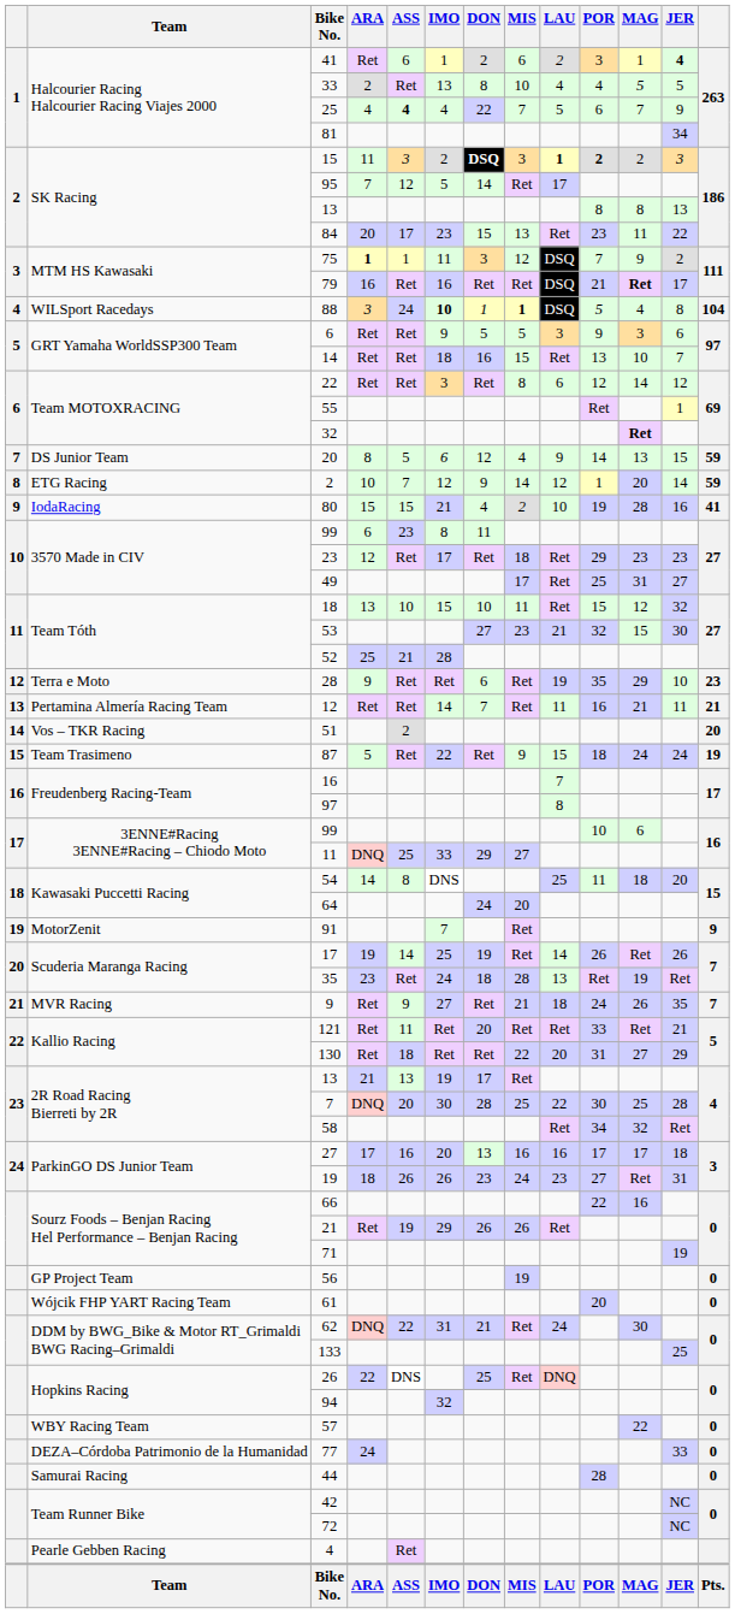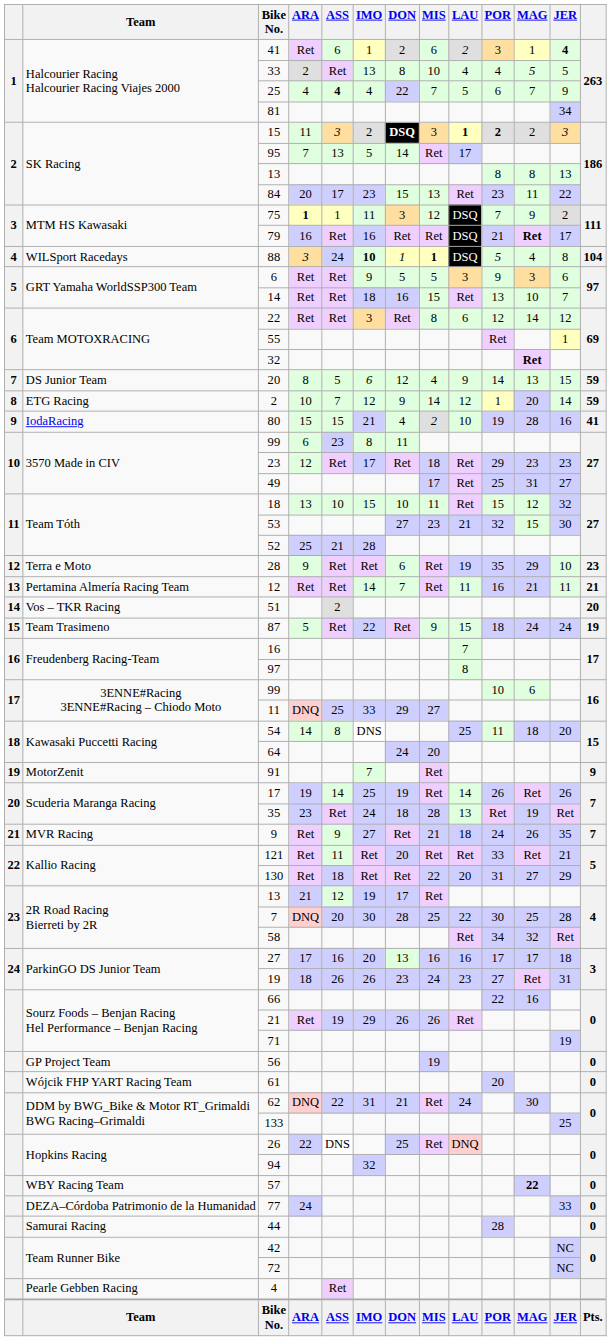 <table class="wikitable" style="font-size: 85%; text-align: center">
 <tr valign="top">
 <th valign="middle"></th>
 <th valign="middle">Team</th>
 <th valign="middle">Bike<br>No.</th>
 <th><a href='#'>ARA</a><br></th>
 <th><a href='#'>ASS</a><br></th>
 <th><a href='#'>IMO</a><br></th>
 <th><a href='#'>DON</a><br></th>
 <th><a href='#'>MIS</a><br></th>
 <th><a href='#'>LAU</a><br></th>
 <th><a href='#'>POR</a><br></th>
 <th><a href='#'>MAG</a><br></th>
 <th><a href='#'>JER</a><br></th>
 <th valign="middle"></th>
 </tr>
 <tr>
 <th rowspan="4">1</th>
 <td rowspan="4" align="left"> Halcourier Racing <br>  Halcourier Racing Viajes 2000</td>
 <td>41</td>
 <td style="background:#efcfff;">Ret</td>
 <td style="background:#dfffdf;">6</td>
 <td style="background:#ffffbf;">1</td>
 <td style="background:#dfdfdf;">2</td>
 <td style="background:#dfffdf;">6</td>
 <td style="background:#dfdfdf;"><em>2</em></td>
 <td style="background:#ffdf9f;">3</td>
 <td style="background:#ffffbf;">1</td>
 <td style="background:#dfffdf;"><strong>4</strong></td>
 <th rowspan="4">263</th>
 </tr>
 <tr>
 <td>33</td>
 <td style="background:#dfdfdf;">2</td>
 <td style="background:#efcfff;">Ret</td>
 <td style="background:#dfffdf;">13</td>
 <td style="background:#dfffdf;">8</td>
 <td style="background:#dfffdf;">10</td>
 <td style="background:#dfffdf;">4</td>
 <td style="background:#dfffdf;">4</td>
 <td style="background:#dfffdf;"><em>5</em></td>
 <td style="background:#dfffdf;">5</td>
 </tr>
 <tr>
 <td>25</td>
 <td style="background:#dfffdf;">4</td>
 <td style="background:#dfffdf;"><strong>4</strong></td>
 <td style="background:#dfffdf;">4</td>
 <td style="background:#cfcfff;">22</td>
 <td style="background:#dfffdf;">7</td>
 <td style="background:#dfffdf;">5</td>
 <td style="background:#dfffdf;">6</td>
 <td style="background:#dfffdf;">7</td>
 <td style="background:#dfffdf;">9</td>
 </tr>
 <tr>
 <td>81</td>
 <td></td>
 <td></td>
 <td></td>
 <td></td>
 <td></td>
 <td></td>
 <td></td>
 <td></td>
 <td style="background:#cfcfff;">34</td>
 </tr>
 <tr>
 <th rowspan="4">2</th>
 <td rowspan="4" align="left"> SK Racing</td>
 <td>15</td>
 <td style="background:#dfffdf;">11</td>
 <td style="background:#ffdf9f;"><em>3</em></td>
 <td style="background:#dfdfdf;">2</td>
 <td style="background:#000000;color:#ffffff"><strong>DSQ</strong></td>
 <td style="background:#ffdf9f;">3</td>
 <td style="background:#ffffbf;"><strong>1</strong></td>
 <td style="background:#dfdfdf;"><strong>2</strong></td>
 <td style="background:#dfdfdf;">2</td>
 <td style="background:#ffdf9f;"><em>3</em></td>
 <th rowspan="4">186</th>
 </tr>
 <tr>
 <td>95</td>
 <td style="background:#dfffdf;">7</td>
-<td style="background:#dfffdf;">12</td>
+<td style="background:#dfffdf;">13</td>
 <td style="background:#dfffdf;">5</td>
 <td style="background:#dfffdf;">14</td>
 <td style="background:#efcfff;">Ret</td>
 <td style="background:#cfcfff;">17</td>
 <td></td>
 <td></td>
 <td></td>
 </tr>
 <tr>
 <td>13</td>
 <td></td>
 <td></td>
 <td></td>
 <td></td>
 <td></td>
 <td></td>
 <td style="background:#dfffdf;">8</td>
 <td style="background:#dfffdf;">8</td>
 <td style="background:#dfffdf;">13</td>
 </tr>
 <tr>
 <td>84</td>
 <td style="background:#cfcfff;">20</td>
 <td style="background:#cfcfff;">17</td>
 <td style="background:#cfcfff;">23</td>
 <td style="background:#dfffdf;">15</td>
 <td style="background:#dfffdf;">13</td>
 <td style="background:#efcfff;">Ret</td>
 <td style="background:#cfcfff;">23</td>
 <td style="background:#dfffdf;">11</td>
 <td style="background:#cfcfff;">22</td>
 </tr>
 <tr>
 <th rowspan="2">3</th>
 <td rowspan="2" align="left"> MTM HS Kawasaki</td>
 <td>75</td>
 <td style="background:#ffffbf;"><strong>1</strong></td>
 <td style="background:#ffffbf;">1</td>
 <td style="background:#dfffdf;">11</td>
 <td style="background:#ffdf9f;">3</td>
 <td style="background:#dfffdf;">12</td>
 <td style="background:#000000;color:#ffffff">DSQ</td>
 <td style="background:#dfffdf;">7</td>
 <td style="background:#dfffdf;">9</td>
 <td style="background:#dfdfdf;">2</td>
 <th rowspan="2">111</th>
 </tr>
 <tr>
 <td>79</td>
 <td style="background:#cfcfff;">16</td>
 <td style="background:#efcfff;">Ret</td>
 <td style="background:#cfcfff;">16</td>
 <td style="background:#efcfff;">Ret</td>
 <td style="background:#efcfff;">Ret</td>
 <td style="background:#000000;color:#ffffff">DSQ</td>
 <td style="background:#cfcfff;">21</td>
 <td style="background:#efcfff;"><strong>Ret</strong></td>
 <td style="background:#cfcfff;">17</td>
 </tr>
 <tr>
 <th>4</th>
 <td align="left"> WILSport Racedays</td>
 <td>88</td>
 <td style="background:#ffdf9f;"><em>3</em></td>
 <td style="background:#cfcfff;">24</td>
 <td style="background:#dfffdf;"><strong>10</strong></td>
 <td style="background:#ffffbf;"><em>1</em></td>
 <td style="background:#ffffbf;"><strong>1</strong></td>
 <td style="background:#000000;color:#ffffff">DSQ</td>
 <td style="background:#dfffdf;"><em>5</em></td>
 <td style="background:#dfffdf;">4</td>
 <td style="background:#dfffdf;">8</td>
 <th>104</th>
 </tr>
 <tr>
 <th rowspan="2">5</th>
 <td rowspan="2" align="left"> GRT Yamaha WorldSSP300 Team</td>
 <td>6</td>
 <td style="background:#efcfff;">Ret</td>
 <td style="background:#efcfff;">Ret</td>
 <td style="background:#dfffdf;">9</td>
 <td style="background:#dfffdf;">5</td>
 <td style="background:#dfffdf;">5</td>
 <td style="background:#ffdf9f;">3</td>
 <td style="background:#dfffdf;">9</td>
 <td style="background:#ffdf9f;">3</td>
 <td style="background:#dfffdf;">6</td>
 <th rowspan="2">97</th>
 </tr>
 <tr>
 <td>14</td>
 <td style="background:#efcfff;">Ret</td>
 <td style="background:#efcfff;">Ret</td>
 <td style="background:#cfcfff;">18</td>
 <td style="background:#cfcfff;">16</td>
 <td style="background:#dfffdf;">15</td>
 <td style="background:#efcfff;">Ret</td>
 <td style="background:#dfffdf;">13</td>
 <td style="background:#dfffdf;">10</td>
 <td style="background:#dfffdf;">7</td>
 </tr>
 <tr>
 <th rowspan="3">6</th>
 <td rowspan="3" align="left"> Team MOTOXRACING</td>
 <td>22</td>
 <td style="background:#efcfff;">Ret</td>
 <td style="background:#efcfff;">Ret</td>
 <td style="background:#ffdf9f;">3</td>
 <td style="background:#efcfff;">Ret</td>
 <td style="background:#dfffdf;">8</td>
 <td style="background:#dfffdf;">6</td>
 <td style="background:#dfffdf;">12</td>
 <td style="background:#dfffdf;">14</td>
 <td style="background:#dfffdf;">12</td>
 <th rowspan="3">69</th>
 </tr>
 <tr>
 <td>55</td>
 <td></td>
 <td></td>
 <td></td>
 <td></td>
 <td></td>
 <td></td>
 <td style="background:#efcfff;">Ret</td>
 <td></td>
 <td style="background:#ffffbf;">1</td>
 </tr>
 <tr>
 <td>32</td>
 <td></td>
 <td></td>
 <td></td>
 <td></td>
 <td></td>
 <td></td>
 <td></td>
 <td style="background:#efcfff;"><strong>Ret</strong></td>
 <td></td>
 </tr>
 <tr>
 <th>7</th>
 <td align="left"> DS Junior Team</td>
 <td>20</td>
 <td style="background:#dfffdf;">8</td>
 <td style="background:#dfffdf;">5</td>
 <td style="background:#dfffdf;"><em>6</em></td>
 <td style="background:#dfffdf;">12</td>
 <td style="background:#dfffdf;">4</td>
 <td style="background:#dfffdf;">9</td>
 <td style="background:#dfffdf;">14</td>
 <td style="background:#dfffdf;">13</td>
 <td style="background:#dfffdf;">15</td>
 <th>59</th>
 </tr>
 <tr>
 <th>8</th>
 <td align="left"> ETG Racing</td>
 <td>2</td>
 <td style="background:#dfffdf;">10</td>
 <td style="background:#dfffdf;">7</td>
 <td style="background:#dfffdf;">12</td>
 <td style="background:#dfffdf;">9</td>
 <td style="background:#dfffdf;">14</td>
 <td style="background:#dfffdf;">12</td>
 <td style="background:#ffffbf;">1</td>
 <td style="background:#cfcfff;">20</td>
 <td style="background:#dfffdf;">14</td>
 <th>59</th>
 </tr>
 <tr>
 <th>9</th>
 <td align="left"> <a href='#'>IodaRacing</a></td>
 <td>80</td>
 <td style="background:#dfffdf;">15</td>
 <td style="background:#dfffdf;">15</td>
 <td style="background:#cfcfff;">21</td>
 <td style="background:#dfffdf;">4</td>
 <td style="background:#dfdfdf;"><em>2</em></td>
 <td style="background:#dfffdf;">10</td>
 <td style="background:#cfcfff;">19</td>
 <td style="background:#cfcfff;">28</td>
 <td style="background:#cfcfff;">16</td>
 <th>41</th>
 </tr>
 <tr>
 <th rowspan="3">10</th>
 <td rowspan="3" align="left"> 3570 Made in CIV</td>
 <td>99</td>
 <td style="background:#dfffdf;">6</td>
 <td style="background:#cfcfff;">23</td>
 <td style="background:#dfffdf;">8</td>
 <td style="background:#dfffdf;">11</td>
 <td></td>
 <td></td>
 <td></td>
 <td></td>
 <td></td>
 <th rowspan="3">27</th>
 </tr>
 <tr>
 <td>23</td>
 <td style="background:#dfffdf;">12</td>
 <td style="background:#efcfff;">Ret</td>
 <td style="background:#cfcfff;">17</td>
 <td style="background:#efcfff;">Ret</td>
 <td style="background:#cfcfff;">18</td>
 <td style="background:#efcfff;">Ret</td>
 <td style="background:#cfcfff;">29</td>
 <td style="background:#cfcfff;">23</td>
 <td style="background:#cfcfff;">23</td>
 </tr>
 <tr>
 <td>49</td>
 <td></td>
 <td></td>
 <td></td>
 <td></td>
 <td style="background:#cfcfff;">17</td>
 <td style="background:#efcfff;">Ret</td>
 <td style="background:#cfcfff;">25</td>
 <td style="background:#cfcfff;">31</td>
 <td style="background:#cfcfff;">27</td>
 </tr>
 <tr>
 <th rowspan="3">11</th>
 <td rowspan="3" align="left"> Team Tóth</td>
 <td>18</td>
 <td style="background:#dfffdf;">13</td>
 <td style="background:#dfffdf;">10</td>
 <td style="background:#dfffdf;">15</td>
 <td style="background:#dfffdf;">10</td>
 <td style="background:#dfffdf;">11</td>
 <td style="background:#efcfff;">Ret</td>
 <td style="background:#dfffdf;">15</td>
 <td style="background:#dfffdf;">12</td>
 <td style="background:#cfcfff;">32</td>
 <th rowspan="3'">27</th>
 </tr>
 <tr>
 <td>53</td>
 <td></td>
 <td></td>
 <td></td>
 <td style="background:#cfcfff;">27</td>
 <td style="background:#cfcfff;">23</td>
 <td style="background:#cfcfff;">21</td>
 <td style="background:#cfcfff;">32</td>
 <td style="background:#dfffdf;">15</td>
 <td style="background:#cfcfff;">30</td>
 </tr>
 <tr>
 <td>52</td>
 <td style="background:#cfcfff;">25</td>
 <td style="background:#cfcfff;">21</td>
 <td style="background:#cfcfff;">28</td>
 <td></td>
 <td></td>
 <td></td>
 <td></td>
 <td></td>
 <td></td>
 </tr>
 <tr>
 <th>12</th>
 <td align="left"> Terra e Moto</td>
 <td>28</td>
 <td style="background:#dfffdf;">9</td>
 <td style="background:#efcfff;">Ret</td>
 <td style="background:#efcfff;">Ret</td>
 <td style="background:#dfffdf;">6</td>
 <td style="background:#efcfff;">Ret</td>
 <td style="background:#cfcfff;">19</td>
 <td style="background:#cfcfff;">35</td>
 <td style="background:#cfcfff;">29</td>
 <td style="background:#dfffdf;">10</td>
 <th>23</th>
 </tr>
 <tr>
 <th>13</th>
 <td align="left"> Pertamina Almería Racing Team</td>
 <td>12</td>
 <td style="background:#efcfff;">Ret</td>
 <td style="background:#efcfff;">Ret</td>
 <td style="background:#dfffdf;">14</td>
 <td style="background:#dfffdf;">7</td>
 <td style="background:#efcfff;">Ret</td>
 <td style="background:#dfffdf;">11</td>
 <td style="background:#cfcfff;">16</td>
 <td style="background:#cfcfff;">21</td>
 <td style="background:#dfffdf;">11</td>
 <th>21</th>
 </tr>
 <tr>
 <th>14</th>
 <td align="left"> Vos – TKR Racing</td>
 <td>51</td>
 <td></td>
 <td style="background:#dfdfdf;">2</td>
 <td></td>
 <td></td>
 <td></td>
 <td></td>
 <td></td>
 <td></td>
 <td></td>
 <th>20</th>
 </tr>
 <tr>
 <th>15</th>
 <td align="left"> Team Trasimeno</td>
 <td>87</td>
 <td style="background:#dfffdf;">5</td>
 <td style="background:#efcfff;">Ret</td>
 <td style="background:#cfcfff;">22</td>
 <td style="background:#efcfff;">Ret</td>
 <td style="background:#dfffdf;">9</td>
 <td style="background:#dfffdf;">15</td>
 <td style="background:#cfcfff;">18</td>
 <td style="background:#cfcfff;">24</td>
 <td style="background:#cfcfff;">24</td>
 <th>19</th>
 </tr>
 <tr>
 <th rowspan="2">16</th>
 <td rowspan="2" align="left"> Freudenberg Racing-Team</td>
 <td>16</td>
 <td></td>
 <td></td>
 <td></td>
 <td></td>
 <td></td>
 <td style="background:#dfffdf;">7</td>
 <td></td>
 <td></td>
 <td></td>
 <th rowspan="2">17</th>
 </tr>
 <tr>
 <td>97</td>
 <td></td>
 <td></td>
 <td></td>
 <td></td>
 <td></td>
 <td style="background:#dfffdf;">8</td>
 <td></td>
 <td></td>
 <td></td>
 </tr>
 <tr>
 <th rowspan="2">17</th>
 <td rowspan="2" aling="left"> 3ENNE#Racing <br>  3ENNE#Racing – Chiodo Moto</td>
 <td>99</td>
 <td></td>
 <td></td>
 <td></td>
 <td></td>
 <td></td>
 <td></td>
 <td style="background:#dfffdf;">10</td>
 <td style="background:#dfffdf;">6</td>
 <td></td>
 <th rowspan="2">16</th>
 </tr>
 <tr>
 <td>11</td>
 <td style="background:#ffcfcf;">DNQ</td>
 <td style="background:#cfcfff;">25</td>
 <td style="background:#cfcfff;">33</td>
 <td style="background:#cfcfff;">29</td>
 <td style="background:#cfcfff;">27</td>
 <td></td>
 <td></td>
 <td></td>
 <td></td>
 </tr>
 <tr>
 <th rowspan="2">18</th>
 <td rowspan="2" align="left"> Kawasaki Puccetti Racing</td>
 <td>54</td>
 <td style="background:#dfffdf;">14</td>
 <td style="background:#dfffdf;">8</td>
 <td style="background:#ffffff;">DNS</td>
 <td></td>
 <td></td>
 <td style="background:#cfcfff;">25</td>
 <td style="background:#dfffdf;">11</td>
 <td style="background:#cfcfff;">18</td>
 <td style="background:#cfcfff;">20</td>
 <th rowspan="2">15</th>
 </tr>
 <tr>
 <td>64</td>
 <td></td>
 <td></td>
 <td></td>
 <td style="background:#cfcfff;">24</td>
 <td style="background:#cfcfff;">20</td>
 <td></td>
 <td></td>
 <td></td>
 <td></td>
 </tr>
 <tr>
 <th>19</th>
 <td align="left"> MotorZenit</td>
 <td>91</td>
 <td></td>
 <td></td>
 <td style="background:#dfffdf;">7</td>
 <td></td>
 <td style="background:#efcfff;">Ret</td>
 <td></td>
 <td></td>
 <td></td>
 <td></td>
 <th>9</th>
 </tr>
 <tr>
 <th rowspan="2">20</th>
 <td rowspan="2" align="left"> Scuderia Maranga Racing</td>
 <td>17</td>
 <td style="background:#cfcfff;">19</td>
 <td style="background:#dfffdf;">14</td>
 <td style="background:#cfcfff;">25</td>
 <td style="background:#cfcfff;">19</td>
 <td style="background:#efcfff;">Ret</td>
 <td style="background:#dfffdf;">14</td>
 <td style="background:#cfcfff;">26</td>
 <td style="background:#efcfff;">Ret</td>
 <td style="background:#cfcfff;">26</td>
 <th rowspan="2">7</th>
 </tr>
 <tr>
 <td>35</td>
 <td style="background:#cfcfff;">23</td>
 <td style="background:#efcfff;">Ret</td>
 <td style="background:#cfcfff;">24</td>
 <td style="background:#cfcfff;">18</td>
 <td style="background:#cfcfff;">28</td>
 <td style="background:#dfffdf;">13</td>
 <td style="background:#efcfff;">Ret</td>
 <td style="background:#cfcfff;">19</td>
 <td style="background:#efcfff;">Ret</td>
 </tr>
 <tr>
 <th>21</th>
 <td align="left"> MVR Racing</td>
 <td>9</td>
 <td style="background:#efcfff;">Ret</td>
 <td style="background:#dfffdf;">9</td>
 <td style="background:#cfcfff;">27</td>
 <td style="background:#efcfff;">Ret</td>
 <td style="background:#cfcfff;">21</td>
 <td style="background:#cfcfff;">18</td>
 <td style="background:#cfcfff;">24</td>
 <td style="background:#cfcfff;">26</td>
 <td style="background:#cfcfff;">35</td>
 <th>7</th>
 </tr>
 <tr>
 <th rowspan="2">22</th>
 <td rowspan="2" align="left"> Kallio Racing</td>
 <td>121</td>
 <td style="background:#efcfff;">Ret</td>
 <td style="background:#dfffdf;">11</td>
 <td style="background:#efcfff;">Ret</td>
 <td style="background:#cfcfff;">20</td>
 <td style="background:#efcfff;">Ret</td>
 <td style="background:#efcfff;">Ret</td>
 <td style="background:#cfcfff;">33</td>
 <td style="background:#efcfff;">Ret</td>
 <td style="background:#cfcfff;">21</td>
 <th rowspan="2">5</th>
 </tr>
 <tr>
 <td>130</td>
 <td style="background:#efcfff;">Ret</td>
 <td style="background:#cfcfff;">18</td>
 <td style="background:#efcfff;">Ret</td>
 <td style="background:#efcfff;">Ret</td>
 <td style="background:#cfcfff;">22</td>
 <td style="background:#cfcfff;">20</td>
 <td style="background:#cfcfff;">31</td>
 <td style="background:#cfcfff;">27</td>
 <td style="background:#cfcfff;">29</td>
 </tr>
 <tr>
 <th rowspan="3">23</th>
 <td rowspan="3" align="left"> 2R Road Racing <br>  Bierreti by 2R</td>
 <td>13</td>
 <td style="background:#cfcfff;">21</td>
-<td style="background:#dfffdf;">13</td>
+<td style="background:#dfffdf;">12</td>
 <td style="background:#cfcfff;">19</td>
 <td style="background:#cfcfff;">17</td>
 <td style="background:#efcfff;">Ret</td>
 <td></td>
 <td></td>
 <td></td>
 <td></td>
 <th rowspan="3">4</th>
 </tr>
 <tr>
 <td>7</td>
 <td style="background:#ffcfcf;">DNQ</td>
 <td style="background:#cfcfff;">20</td>
 <td style="background:#cfcfff;">30</td>
 <td style="background:#cfcfff;">28</td>
 <td style="background:#cfcfff;">25</td>
 <td style="background:#cfcfff;">22</td>
 <td style="background:#cfcfff;">30</td>
 <td style="background:#cfcfff;">25</td>
 <td style="background:#cfcfff;">28</td>
 </tr>
 <tr>
 <td>58</td>
 <td></td>
 <td></td>
 <td></td>
 <td></td>
 <td></td>
 <td style="background:#efcfff;">Ret</td>
 <td style="background:#cfcfff;">34</td>
 <td style="background:#cfcfff;">32</td>
 <td style="background:#efcfff;">Ret</td>
 </tr>
 <tr>
 <th rowspan="2">24</th>
 <td rowspan="2" align="left"> ParkinGO DS Junior Team</td>
 <td>27</td>
 <td style="background:#cfcfff;">17</td>
 <td style="background:#cfcfff;">16</td>
 <td style="background:#cfcfff;">20</td>
 <td style="background:#dfffdf;">13</td>
 <td style="background:#cfcfff;">16</td>
 <td style="background:#cfcfff;">16</td>
 <td style="background:#cfcfff;">17</td>
 <td style="background:#cfcfff;">17</td>
 <td style="background:#cfcfff;">18</td>
 <th rowspan="2">3</th>
 </tr>
 <tr>
 <td>19</td>
 <td style="background:#cfcfff;">18</td>
 <td style="background:#cfcfff;">26</td>
 <td style="background:#cfcfff;">26</td>
 <td style="background:#cfcfff;">23</td>
 <td style="background:#cfcfff;">24</td>
 <td style="background:#cfcfff;">23</td>
 <td style="background:#cfcfff;">27</td>
 <td style="background:#efcfff;">Ret</td>
 <td style="background:#cfcfff;">31</td>
 </tr>
 <tr>
 <th rowspan="3"></th>
 <td rowspan="3" align="left"> Sourz Foods – Benjan Racing <br>  Hel Performance – Benjan Racing</td>
 <td>66</td>
 <td></td>
 <td></td>
 <td></td>
 <td></td>
 <td></td>
 <td></td>
 <td style="background:#cfcfff;">22</td>
 <td style="background:#cfcfff;">16</td>
 <td></td>
 <th rowspan="3">0</th>
 </tr>
 <tr>
 <td>21</td>
 <td style="background:#efcfff;">Ret</td>
 <td style="background:#cfcfff;">19</td>
 <td style="background:#cfcfff;">29</td>
 <td style="background:#cfcfff;">26</td>
 <td style="background:#cfcfff;">26</td>
 <td style="background:#efcfff;">Ret</td>
 <td></td>
 <td></td>
 <td></td>
 </tr>
 <tr>
 <td>71</td>
 <td></td>
 <td></td>
 <td></td>
 <td></td>
 <td></td>
 <td></td>
 <td></td>
 <td></td>
 <td style="background:#cfcfff;">19</td>
 </tr>
 <tr>
 <th></th>
 <td align="left"> GP Project Team</td>
 <td>56</td>
 <td></td>
 <td></td>
 <td></td>
 <td></td>
 <td style="background:#cfcfff;">19</td>
 <td></td>
 <td></td>
 <td></td>
 <td></td>
 <th>0</th>
 </tr>
 <tr>
 <th></th>
 <td align="left"> Wójcik FHP YART Racing Team</td>
 <td>61</td>
 <td></td>
 <td></td>
 <td></td>
 <td></td>
 <td></td>
 <td></td>
 <td style="background:#cfcfff;">20</td>
 <td></td>
 <td></td>
 <th>0</th>
 </tr>
 <tr>
 <th rowspan="2"></th>
 <td rowspan="2" align="left"> DDM by BWG_Bike & Motor RT_Grimaldi <br>  BWG Racing–Grimaldi</td>
 <td>62</td>
 <td style="background:#ffcfcf;">DNQ</td>
 <td style="background:#cfcfff;">22</td>
 <td style="background:#cfcfff;">31</td>
 <td style="background:#cfcfff;">21</td>
 <td style="background:#efcfff;">Ret</td>
 <td style="background:#cfcfff;">24</td>
 <td></td>
 <td style="background:#cfcfff;">30</td>
 <td></td>
 <th rowspan="2">0</th>
 </tr>
 <tr>
 <td>133</td>
 <td></td>
 <td></td>
 <td></td>
 <td></td>
 <td></td>
 <td></td>
 <td></td>
 <td></td>
 <td style="background:#cfcfff;">25</td>
 </tr>
 <tr>
 <th rowspan="2"></th>
 <td rowspan="2" align="left"> Hopkins Racing</td>
 <td>26</td>
 <td style="background:#cfcfff;">22</td>
 <td style="background:#ffffff;">DNS</td>
 <td></td>
 <td style="background:#cfcfff;">25</td>
 <td style="background:#efcfff;">Ret</td>
 <td style="background:#ffcfcf;">DNQ</td>
 <td></td>
 <td></td>
 <td></td>
 <th rowspan="2">0</th>
 </tr>
 <tr>
 <td>94</td>
 <td></td>
 <td></td>
 <td style="background:#cfcfff;">32</td>
 <td></td>
 <td></td>
 <td></td>
 <td></td>
 <td></td>
 <td></td>
 </tr>
 <tr>
 <th></th>
 <td align="left"> WBY Racing Team</td>
 <td>57</td>
 <td></td>
 <td></td>
 <td></td>
 <td></td>
 <td></td>
 <td></td>
 <td></td>
-<td style="background:#cfcfff;">22</td>
+<td style="background:#cfcfff;"><strong>22</strong></td>
 <td></td>
 <th>0</th>
 </tr>
 <tr>
 <th></th>
 <td align="left"> DEZA–Córdoba Patrimonio de la Humanidad</td>
 <td>77</td>
 <td style="background:#cfcfff;">24</td>
 <td></td>
 <td></td>
 <td></td>
 <td></td>
 <td></td>
 <td></td>
 <td></td>
 <td style="background:#cfcfff;">33</td>
 <th>0</th>
 </tr>
 <tr>
 <th></th>
 <td align="left"> Samurai Racing</td>
 <td>44</td>
 <td></td>
 <td></td>
 <td></td>
 <td></td>
 <td></td>
 <td></td>
 <td style="background:#cfcfff;">28</td>
 <td></td>
 <td></td>
 <th>0</th>
 </tr>
 <tr>
 <th rowspan="2"></th>
 <td rowspan="2" align="left"> Team Runner Bike</td>
 <td>42</td>
 <td></td>
 <td></td>
 <td></td>
 <td></td>
 <td></td>
 <td></td>
 <td></td>
 <td></td>
 <td style="background:#cfcfff;">NC</td>
 <th rowspan="2">0</th>
 </tr>
 <tr>
 <td>72</td>
 <td></td>
 <td></td>
 <td></td>
 <td></td>
 <td></td>
 <td></td>
 <td></td>
 <td></td>
 <td style="background:#cfcfff;">NC</td>
 </tr>
 <tr>
 <th></th>
 <td align="left"> Pearle Gebben Racing</td>
 <td>4</td>
 <td></td>
 <td style="background:#efcfff;">Ret</td>
 <td></td>
 <td></td>
 <td></td>
 <td></td>
 <td></td>
 <td></td>
 <td></td>
 <th></th>
 </tr>
 <tr style="border-top:2px solid #aaaaaa">
 <th></th>
 <th>Team</th>
 <th>Bike<br>No.</th>
 <th><a href='#'>ARA</a><br></th>
 <th><a href='#'>ASS</a><br></th>
 <th><a href='#'>IMO</a><br></th>
 <th><a href='#'>DON</a><br></th>
 <th><a href='#'>MIS</a><br></th>
 <th><a href='#'>LAU</a><br></th>
 <th><a href='#'>POR</a><br></th>
 <th><a href='#'>MAG</a><br></th>
 <th><a href='#'>JER</a><br></th>
 <th rowspan=2>Pts.</th>
 </tr>
 </table>
